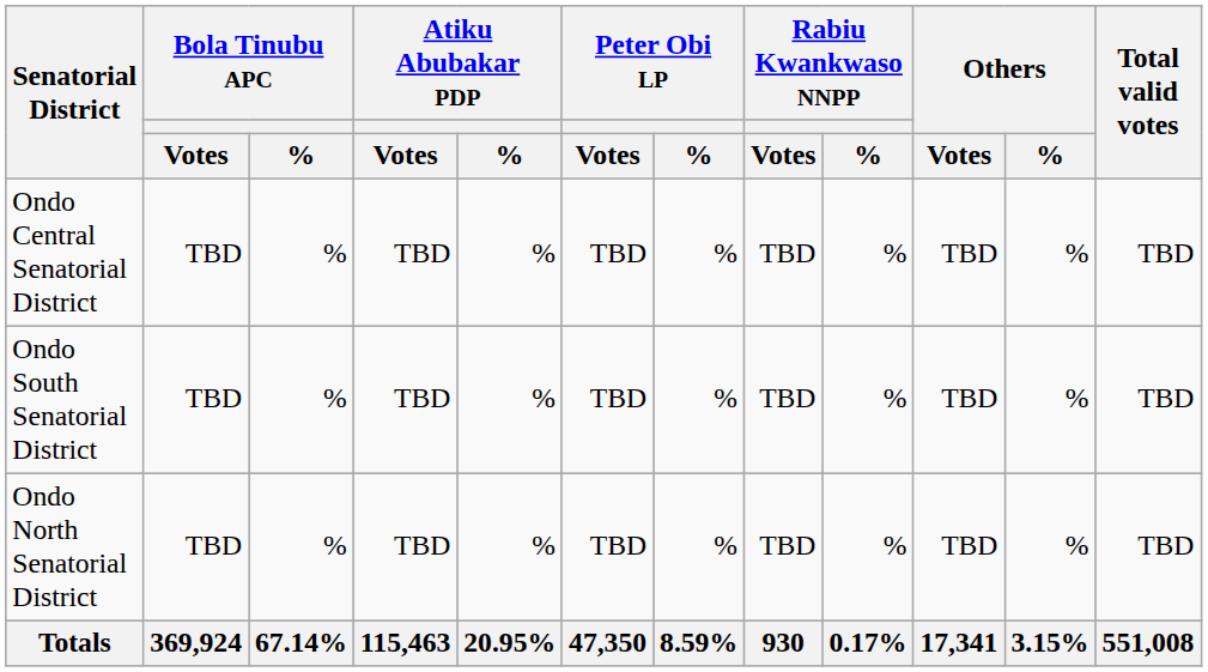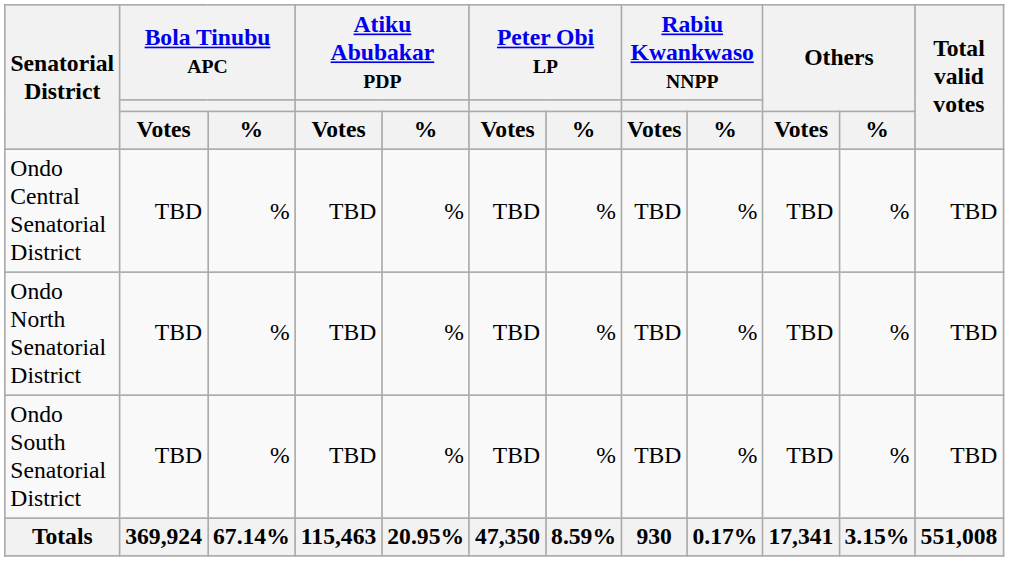 <table class="wikitable sortable" style="text-align:right; font-size:90%">
 <tr>
 <th rowspan="3" style="max-width:7.5em;">Senatorial District</th>
 <th colspan="2"><a href='#'>Bola Tinubu</a><br><small>APC</small></th>
 <th colspan="2"><a href='#'>Atiku Abubakar</a><br><small>PDP</small></th>
 <th colspan="2"><a href='#'>Peter Obi</a><br><small>LP</small></th>
 <th colspan="2"><a href='#'>Rabiu Kwankwaso</a><br><small>NNPP</small></th>
 <th colspan="2" rowspan="2">Others</th>
 <th rowspan="3" style="max-width:5em;">Total valid votes</th>
 </tr>
 <tr>
 <th colspan=2 style="background-color:"></th>
 <th colspan=2 style="background-color:"></th>
 <th colspan=2 style="background-color:"></th>
 <th colspan=2 style="background-color:"></th>
 </tr>
 <tr>
 <th>Votes</th>
 <th>%</th>
 <th>Votes</th>
 <th>%</th>
 <th>Votes</th>
 <th>%</th>
 <th>Votes</th>
 <th>%</th>
 <th>Votes</th>
 <th>%</th>
 </tr>
 <tr style="background-color:#">
 <td style="text-align:left;">Ondo Central<br>Senatorial District</td>
 <td>TBD</td>
 <td>%</td>
 <td>TBD</td>
 <td>%</td>
 <td>TBD</td>
 <td>%</td>
 <td>TBD</td>
 <td>%</td>
 <td>TBD</td>
 <td>%</td>
 <td>TBD</td>
 </tr>
 <tr style="background-color:#">
-<td style="text-align:left;">Ondo South<br>Senatorial District</td>
+<td style="text-align:left;">Ondo North<br>Senatorial District</td>
 <td>TBD</td>
 <td>%</td>
 <td>TBD</td>
 <td>%</td>
 <td>TBD</td>
 <td>%</td>
 <td>TBD</td>
 <td>%</td>
 <td>TBD</td>
 <td>%</td>
 <td>TBD</td>
 </tr>
 <tr style="background-color:#">
-<td style="text-align:left;">Ondo North<br>Senatorial District</td>
+<td style="text-align:left;">Ondo South<br>Senatorial District</td>
 <td>TBD</td>
 <td>%</td>
 <td>TBD</td>
 <td>%</td>
 <td>TBD</td>
 <td>%</td>
 <td>TBD</td>
 <td>%</td>
 <td>TBD</td>
 <td>%</td>
 <td>TBD</td>
 </tr>
 <tr>
 <th>Totals</th>
 <th>369,924</th>
 <th>67.14%</th>
 <th>115,463</th>
 <th>20.95%</th>
 <th>47,350</th>
 <th>8.59%</th>
 <th>930</th>
 <th>0.17%</th>
 <th>17,341</th>
 <th>3.15%</th>
 <th>551,008</th>
 </tr>
 </table>
